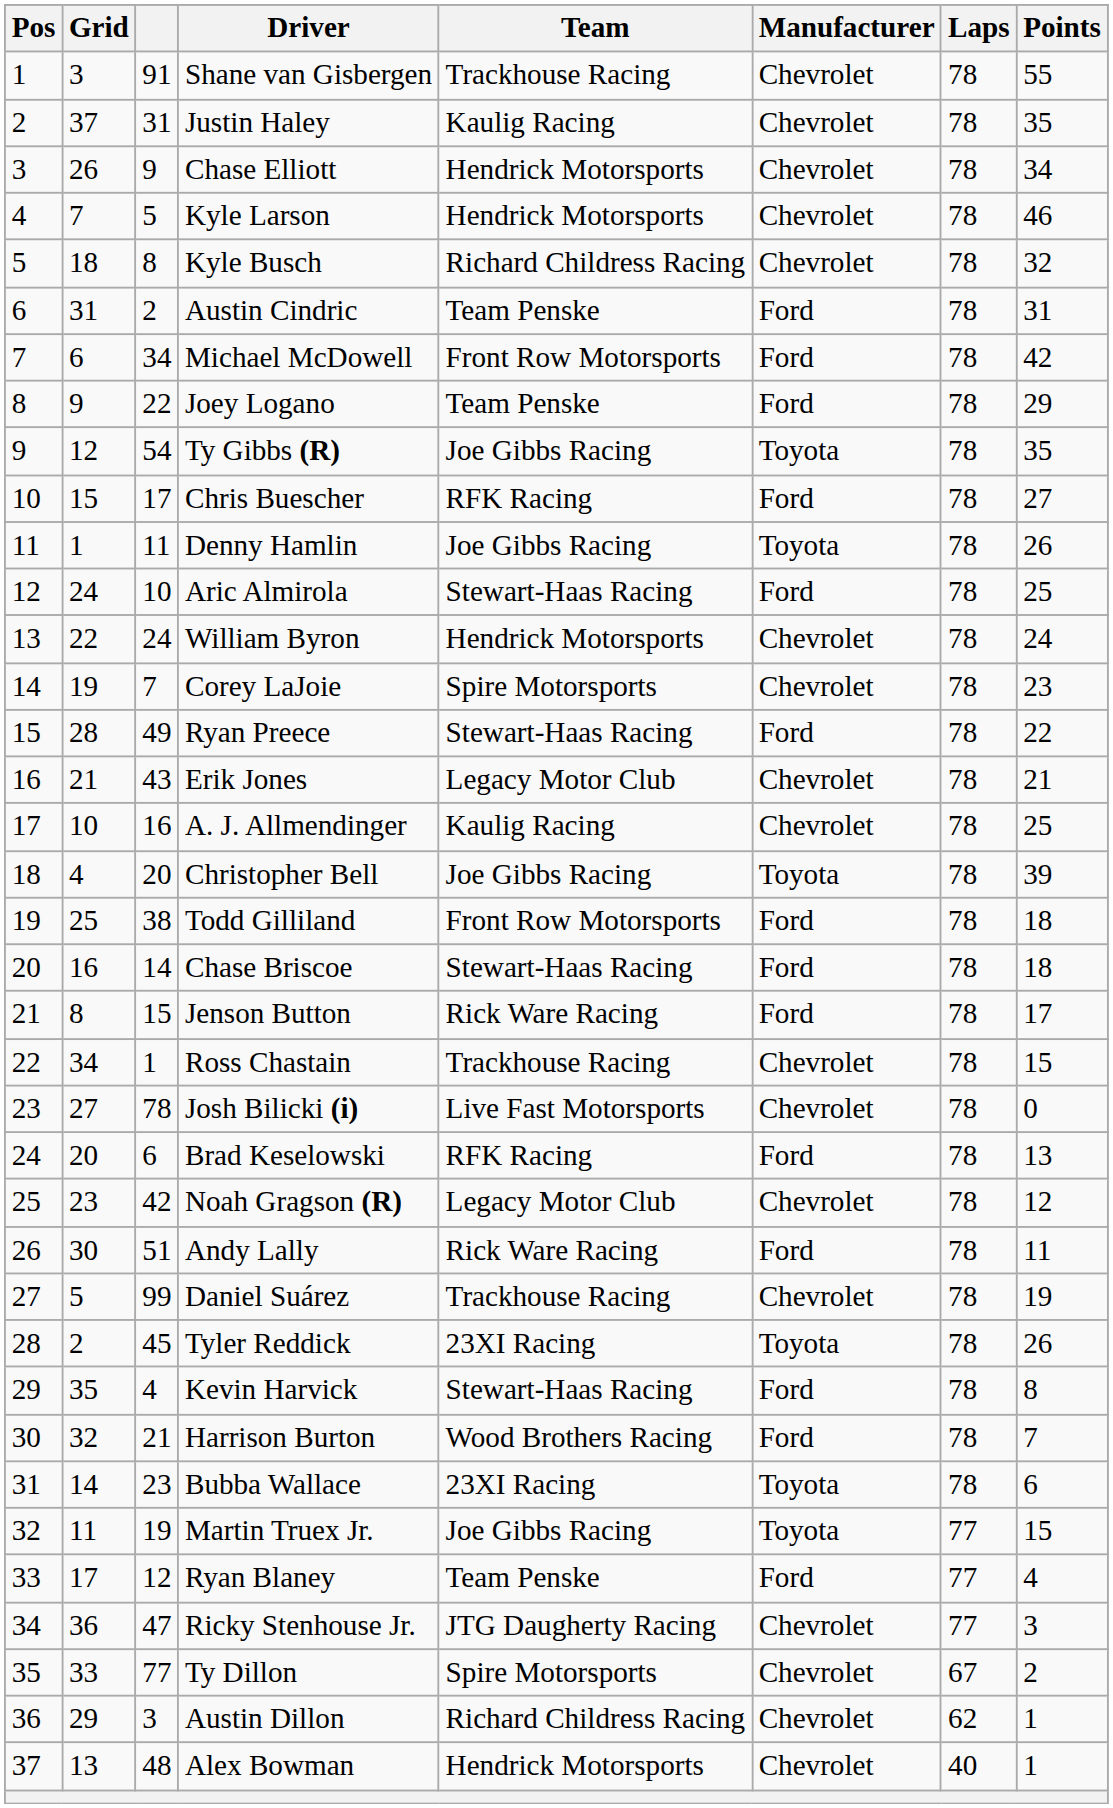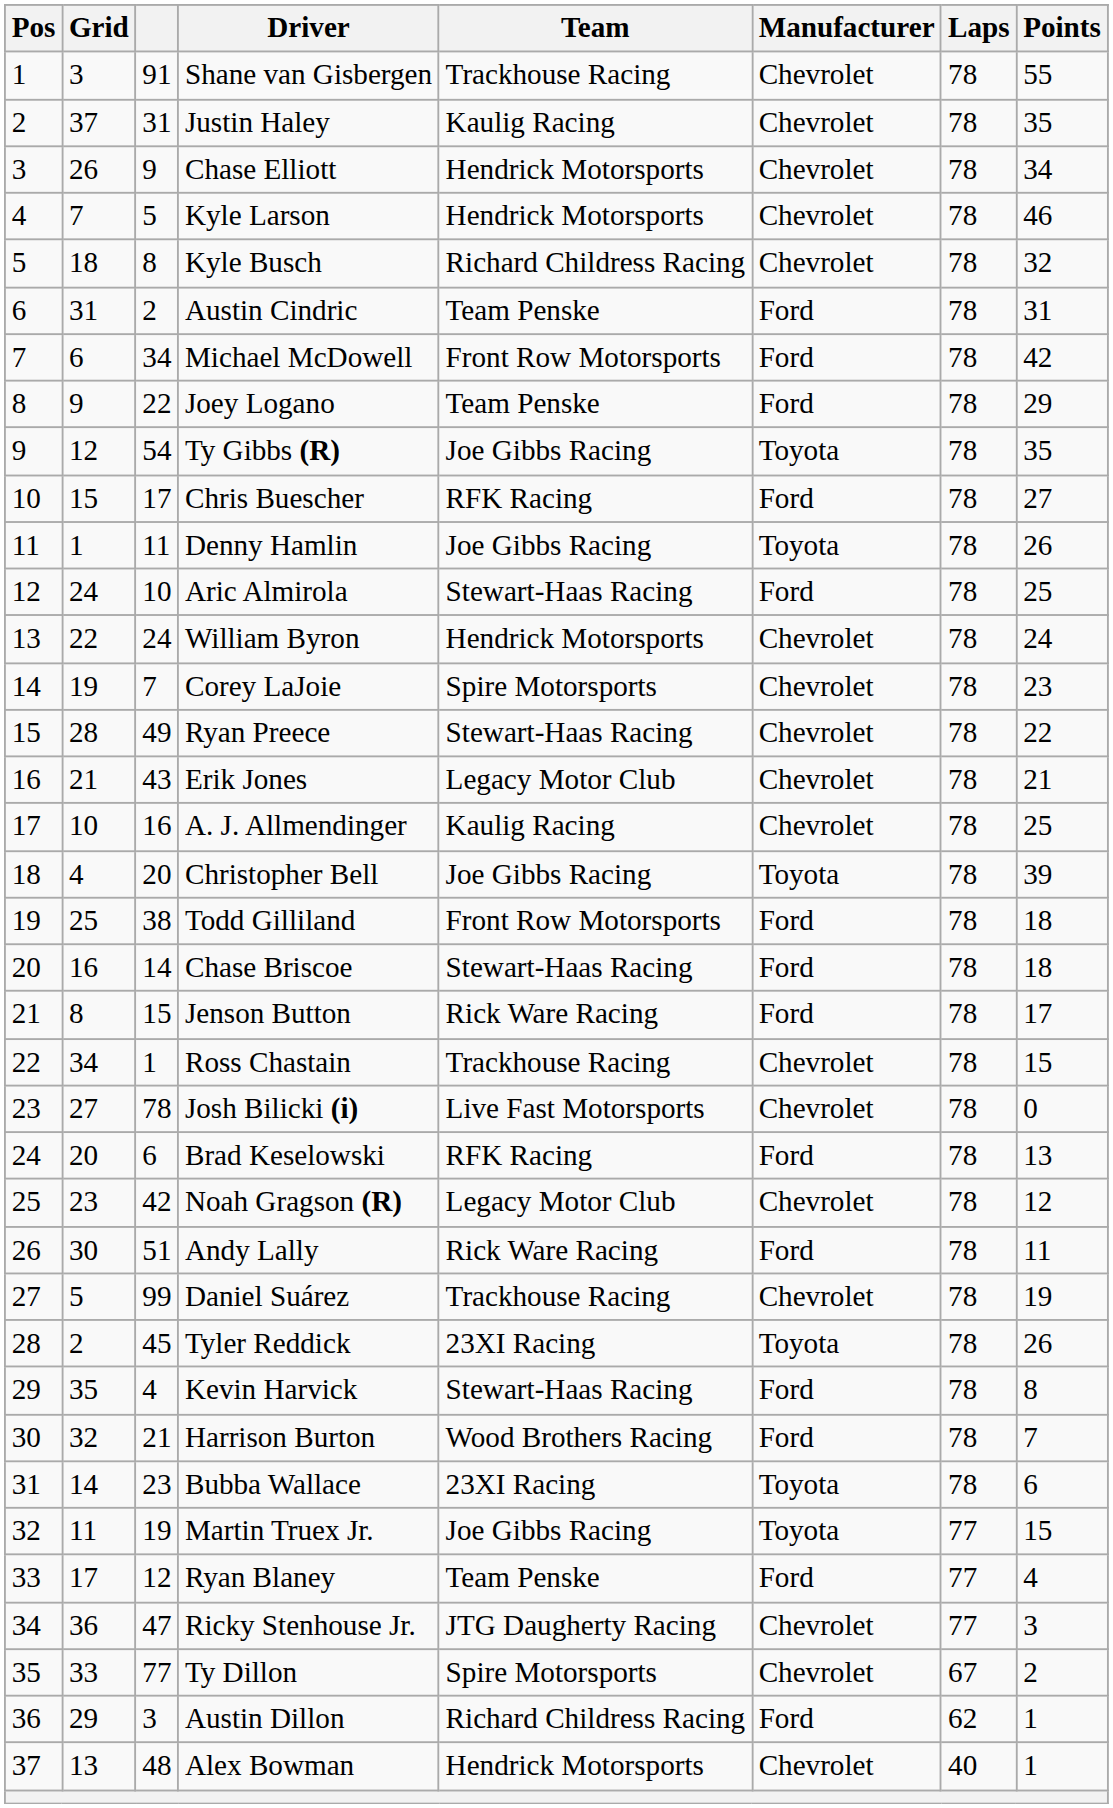 <table class="wikitable" style="font-size:98%">
 <tr>
 <th>Pos</th>
 <th>Grid</th>
 <th></th>
 <th>Driver</th>
 <th>Team</th>
 <th>Manufacturer</th>
 <th>Laps</th>
 <th>Points</th>
 </tr>
 <tr>
 <td>1</td>
 <td>3</td>
 <td>91</td>
 <td>Shane van Gisbergen</td>
 <td>Trackhouse Racing</td>
 <td>Chevrolet</td>
 <td>78</td>
 <td>55</td>
 </tr>
 <tr>
 <td>2</td>
 <td>37</td>
 <td>31</td>
 <td>Justin Haley</td>
 <td>Kaulig Racing</td>
 <td>Chevrolet</td>
 <td>78</td>
 <td>35</td>
 </tr>
 <tr>
 <td>3</td>
 <td>26</td>
 <td>9</td>
 <td>Chase Elliott</td>
 <td>Hendrick Motorsports</td>
 <td>Chevrolet</td>
 <td>78</td>
 <td>34</td>
 </tr>
 <tr>
 <td>4</td>
 <td>7</td>
 <td>5</td>
 <td>Kyle Larson</td>
 <td>Hendrick Motorsports</td>
 <td>Chevrolet</td>
 <td>78</td>
 <td>46</td>
 </tr>
 <tr>
 <td>5</td>
 <td>18</td>
 <td>8</td>
 <td>Kyle Busch</td>
 <td>Richard Childress Racing</td>
 <td>Chevrolet</td>
 <td>78</td>
 <td>32</td>
 </tr>
 <tr>
 <td>6</td>
 <td>31</td>
 <td>2</td>
 <td>Austin Cindric</td>
 <td>Team Penske</td>
 <td>Ford</td>
 <td>78</td>
 <td>31</td>
 </tr>
 <tr>
 <td>7</td>
 <td>6</td>
 <td>34</td>
 <td>Michael McDowell</td>
 <td>Front Row Motorsports</td>
 <td>Ford</td>
 <td>78</td>
 <td>42</td>
 </tr>
 <tr>
 <td>8</td>
 <td>9</td>
 <td>22</td>
 <td>Joey Logano</td>
 <td>Team Penske</td>
 <td>Ford</td>
 <td>78</td>
 <td>29</td>
 </tr>
 <tr>
 <td>9</td>
 <td>12</td>
 <td>54</td>
 <td>Ty Gibbs <strong>(R)</strong></td>
 <td>Joe Gibbs Racing</td>
 <td>Toyota</td>
 <td>78</td>
 <td>35</td>
 </tr>
 <tr>
 <td>10</td>
 <td>15</td>
 <td>17</td>
 <td>Chris Buescher</td>
 <td>RFK Racing</td>
 <td>Ford</td>
 <td>78</td>
 <td>27</td>
 </tr>
 <tr>
 <td>11</td>
 <td>1</td>
 <td>11</td>
 <td>Denny Hamlin</td>
 <td>Joe Gibbs Racing</td>
 <td>Toyota</td>
 <td>78</td>
 <td>26</td>
 </tr>
 <tr>
 <td>12</td>
 <td>24</td>
 <td>10</td>
 <td>Aric Almirola</td>
 <td>Stewart-Haas Racing</td>
 <td>Ford</td>
 <td>78</td>
 <td>25</td>
 </tr>
 <tr>
 <td>13</td>
 <td>22</td>
 <td>24</td>
 <td>William Byron</td>
 <td>Hendrick Motorsports</td>
 <td>Chevrolet</td>
 <td>78</td>
 <td>24</td>
 </tr>
 <tr>
 <td>14</td>
 <td>19</td>
 <td>7</td>
 <td>Corey LaJoie</td>
 <td>Spire Motorsports</td>
 <td>Chevrolet</td>
 <td>78</td>
 <td>23</td>
 </tr>
 <tr>
 <td>15</td>
 <td>28</td>
 <td>49</td>
 <td>Ryan Preece</td>
 <td>Stewart-Haas Racing</td>
-<td>Ford</td>
+<td>Chevrolet</td>
 <td>78</td>
 <td>22</td>
 </tr>
 <tr>
 <td>16</td>
 <td>21</td>
 <td>43</td>
 <td>Erik Jones</td>
 <td>Legacy Motor Club</td>
 <td>Chevrolet</td>
 <td>78</td>
 <td>21</td>
 </tr>
 <tr>
 <td>17</td>
 <td>10</td>
 <td>16</td>
 <td>A. J. Allmendinger</td>
 <td>Kaulig Racing</td>
 <td>Chevrolet</td>
 <td>78</td>
 <td>25</td>
 </tr>
 <tr>
 <td>18</td>
 <td>4</td>
 <td>20</td>
 <td>Christopher Bell</td>
 <td>Joe Gibbs Racing</td>
 <td>Toyota</td>
 <td>78</td>
 <td>39</td>
 </tr>
 <tr>
 <td>19</td>
 <td>25</td>
 <td>38</td>
 <td>Todd Gilliland</td>
 <td>Front Row Motorsports</td>
 <td>Ford</td>
 <td>78</td>
 <td>18</td>
 </tr>
 <tr>
 <td>20</td>
 <td>16</td>
 <td>14</td>
 <td>Chase Briscoe</td>
 <td>Stewart-Haas Racing</td>
 <td>Ford</td>
 <td>78</td>
 <td>18</td>
 </tr>
 <tr>
 <td>21</td>
 <td>8</td>
 <td>15</td>
 <td>Jenson Button</td>
 <td>Rick Ware Racing</td>
 <td>Ford</td>
 <td>78</td>
 <td>17</td>
 </tr>
 <tr>
 <td>22</td>
 <td>34</td>
 <td>1</td>
 <td>Ross Chastain</td>
 <td>Trackhouse Racing</td>
 <td>Chevrolet</td>
 <td>78</td>
 <td>15</td>
 </tr>
 <tr>
 <td>23</td>
 <td>27</td>
 <td>78</td>
 <td>Josh Bilicki <strong>(i)</strong></td>
 <td>Live Fast Motorsports</td>
 <td>Chevrolet</td>
 <td>78</td>
 <td>0</td>
 </tr>
 <tr>
 <td>24</td>
 <td>20</td>
 <td>6</td>
 <td>Brad Keselowski</td>
 <td>RFK Racing</td>
 <td>Ford</td>
 <td>78</td>
 <td>13</td>
 </tr>
 <tr>
 <td>25</td>
 <td>23</td>
 <td>42</td>
 <td>Noah Gragson <strong>(R)</strong></td>
 <td>Legacy Motor Club</td>
 <td>Chevrolet</td>
 <td>78</td>
 <td>12</td>
 </tr>
 <tr>
 <td>26</td>
 <td>30</td>
 <td>51</td>
 <td>Andy Lally</td>
 <td>Rick Ware Racing</td>
 <td>Ford</td>
 <td>78</td>
 <td>11</td>
 </tr>
 <tr>
 <td>27</td>
 <td>5</td>
 <td>99</td>
 <td>Daniel Suárez</td>
 <td>Trackhouse Racing</td>
 <td>Chevrolet</td>
 <td>78</td>
 <td>19</td>
 </tr>
 <tr>
 <td>28</td>
 <td>2</td>
 <td>45</td>
 <td>Tyler Reddick</td>
 <td>23XI Racing</td>
 <td>Toyota</td>
 <td>78</td>
 <td>26</td>
 </tr>
 <tr>
 <td>29</td>
 <td>35</td>
 <td>4</td>
 <td>Kevin Harvick</td>
 <td>Stewart-Haas Racing</td>
 <td>Ford</td>
 <td>78</td>
 <td>8</td>
 </tr>
 <tr>
 <td>30</td>
 <td>32</td>
 <td>21</td>
 <td>Harrison Burton</td>
 <td>Wood Brothers Racing</td>
 <td>Ford</td>
 <td>78</td>
 <td>7</td>
 </tr>
 <tr>
 <td>31</td>
 <td>14</td>
 <td>23</td>
 <td>Bubba Wallace</td>
 <td>23XI Racing</td>
 <td>Toyota</td>
 <td>78</td>
 <td>6</td>
 </tr>
 <tr>
 <td>32</td>
 <td>11</td>
 <td>19</td>
 <td>Martin Truex Jr.</td>
 <td>Joe Gibbs Racing</td>
 <td>Toyota</td>
 <td>77</td>
 <td>15</td>
 </tr>
 <tr>
 <td>33</td>
 <td>17</td>
 <td>12</td>
 <td>Ryan Blaney</td>
 <td>Team Penske</td>
 <td>Ford</td>
 <td>77</td>
 <td>4</td>
 </tr>
 <tr>
 <td>34</td>
 <td>36</td>
 <td>47</td>
 <td>Ricky Stenhouse Jr.</td>
 <td>JTG Daugherty Racing</td>
 <td>Chevrolet</td>
 <td>77</td>
 <td>3</td>
 </tr>
 <tr>
 <td>35</td>
 <td>33</td>
 <td>77</td>
 <td>Ty Dillon</td>
 <td>Spire Motorsports</td>
 <td>Chevrolet</td>
 <td>67</td>
 <td>2</td>
 </tr>
 <tr>
 <td>36</td>
 <td>29</td>
 <td>3</td>
 <td>Austin Dillon</td>
 <td>Richard Childress Racing</td>
-<td>Chevrolet</td>
+<td>Ford</td>
 <td>62</td>
 <td>1</td>
 </tr>
 <tr>
 <td>37</td>
 <td>13</td>
 <td>48</td>
 <td>Alex Bowman</td>
 <td>Hendrick Motorsports</td>
 <td>Chevrolet</td>
 <td>40</td>
 <td>1</td>
 </tr>
 <tr>
 <th colspan="8"></th>
 </tr>
 </table>
